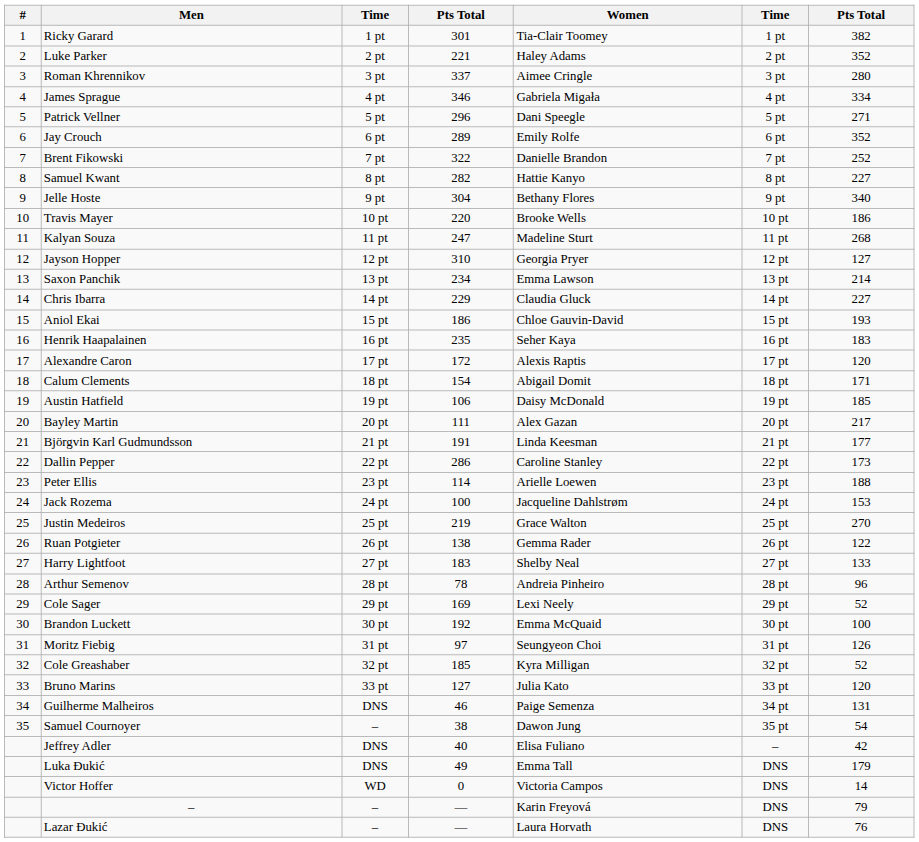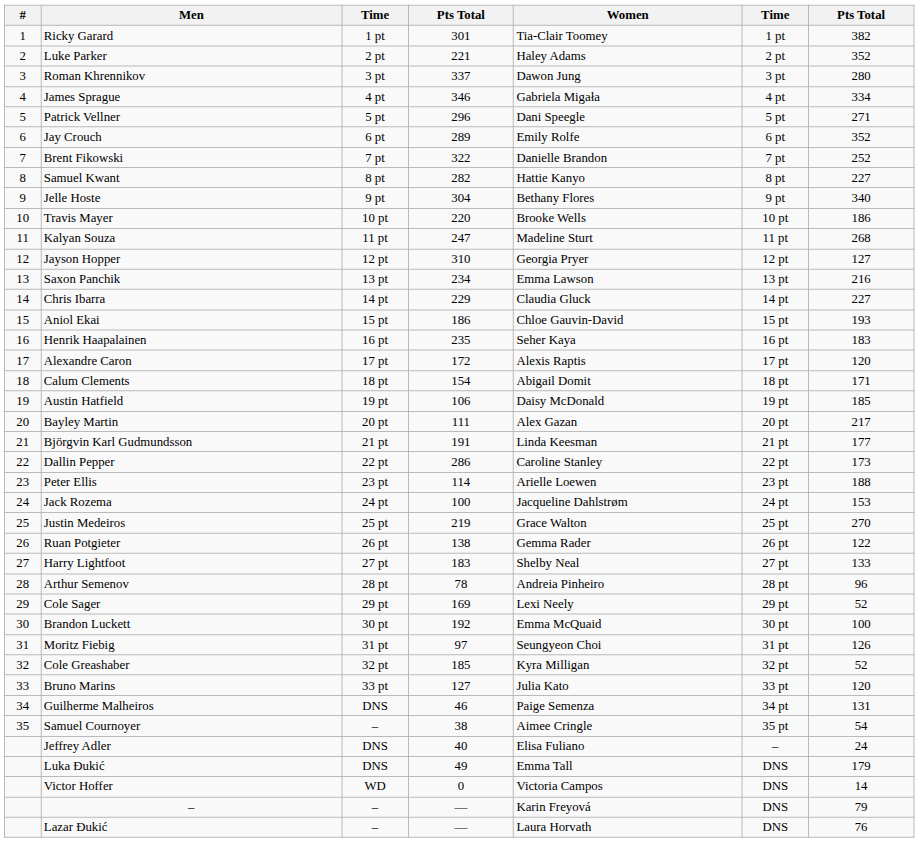 <table class="wikitable sortable" style="display: inline-table;width: 90%; text-align:center">
 <tr>
 <th>#</th>
 <th>Men</th>
 <th>Time</th>
 <th>Pts Total</th>
 <th>Women</th>
 <th>Time</th>
 <th>Pts Total</th>
 </tr>
 <tr>
 <td>1</td>
 <td align=left> Ricky Garard</td>
 <td>1 pt</td>
 <td>301</td>
 <td align=left> Tia-Clair Toomey</td>
 <td>1 pt</td>
 <td>382</td>
 </tr>
 <tr>
 <td>2</td>
 <td align=left> Luke Parker</td>
 <td>2 pt</td>
 <td>221</td>
 <td align=left> Haley Adams</td>
 <td>2 pt</td>
 <td>352</td>
 </tr>
 <tr>
 <td>3</td>
 <td align=left> Roman Khrennikov</td>
 <td>3 pt</td>
 <td>337</td>
-<td align=left> Aimee Cringle</td>
+<td align=left> Dawon Jung</td>
 <td>3 pt</td>
 <td>280</td>
 </tr>
 <tr>
 <td>4</td>
 <td align=left> James Sprague</td>
 <td>4 pt</td>
 <td>346</td>
 <td align=left> Gabriela Migała</td>
 <td>4 pt</td>
 <td>334</td>
 </tr>
 <tr>
 <td>5</td>
 <td align=left> Patrick Vellner</td>
 <td>5 pt</td>
 <td>296</td>
 <td align=left> Dani Speegle</td>
 <td>5 pt</td>
 <td>271</td>
 </tr>
 <tr>
 <td>6</td>
 <td align=left> Jay Crouch</td>
 <td>6 pt</td>
 <td>289</td>
 <td align=left> Emily Rolfe</td>
 <td>6 pt</td>
 <td>352</td>
 </tr>
 <tr>
 <td>7</td>
 <td align=left> Brent Fikowski</td>
 <td>7 pt</td>
 <td>322</td>
 <td align=left> Danielle Brandon</td>
 <td>7 pt</td>
 <td>252</td>
 </tr>
 <tr>
 <td>8</td>
 <td align=left> Samuel Kwant</td>
 <td>8 pt</td>
 <td>282</td>
 <td align=left> Hattie Kanyo</td>
 <td>8 pt</td>
 <td>227</td>
 </tr>
 <tr>
 <td>9</td>
 <td align=left> Jelle Hoste</td>
 <td>9 pt</td>
 <td>304</td>
 <td align=left> Bethany Flores</td>
 <td>9 pt</td>
 <td>340</td>
 </tr>
 <tr>
 <td>10</td>
 <td align=left> Travis Mayer</td>
 <td>10 pt</td>
 <td>220</td>
 <td align=left> Brooke Wells</td>
 <td>10 pt</td>
 <td>186</td>
 </tr>
 <tr>
 <td>11</td>
 <td align=left> Kalyan Souza</td>
 <td>11 pt</td>
 <td>247</td>
 <td align=left> Madeline Sturt</td>
 <td>11 pt</td>
 <td>268</td>
 </tr>
 <tr>
 <td>12</td>
 <td align=left> Jayson Hopper</td>
 <td>12 pt</td>
 <td>310</td>
 <td align=left> Georgia Pryer</td>
 <td>12 pt</td>
 <td>127</td>
 </tr>
 <tr>
 <td>13</td>
 <td align=left> Saxon Panchik</td>
 <td>13 pt</td>
 <td>234</td>
 <td align=left> Emma Lawson</td>
 <td>13 pt</td>
-<td>214</td>
+<td>216</td>
 </tr>
 <tr>
 <td>14</td>
 <td align=left> Chris Ibarra</td>
 <td>14 pt</td>
 <td>229</td>
 <td align=left> Claudia Gluck</td>
 <td>14 pt</td>
 <td>227</td>
 </tr>
 <tr>
 <td>15</td>
 <td align=left> Aniol Ekai</td>
 <td>15 pt</td>
 <td>186</td>
 <td align=left> Chloe Gauvin-David</td>
 <td>15 pt</td>
 <td>193</td>
 </tr>
 <tr>
 <td>16</td>
 <td align=left> Henrik Haapalainen</td>
 <td>16 pt</td>
 <td>235</td>
 <td align=left> Seher Kaya</td>
 <td>16 pt</td>
 <td>183</td>
 </tr>
 <tr>
 <td>17</td>
 <td align=left> Alexandre Caron</td>
 <td>17 pt</td>
 <td>172</td>
 <td align=left> Alexis Raptis</td>
 <td>17 pt</td>
 <td>120</td>
 </tr>
 <tr>
 <td>18</td>
 <td align=left> Calum Clements</td>
 <td>18 pt</td>
 <td>154</td>
 <td align=left> Abigail Domit</td>
 <td>18 pt</td>
 <td>171</td>
 </tr>
 <tr>
 <td>19</td>
 <td align=left> Austin Hatfield</td>
 <td>19 pt</td>
 <td>106</td>
 <td align=left> Daisy McDonald</td>
 <td>19 pt</td>
 <td>185</td>
 </tr>
 <tr>
 <td>20</td>
 <td align=left> Bayley Martin</td>
 <td>20 pt</td>
 <td>111</td>
 <td align=left> Alex Gazan</td>
 <td>20 pt</td>
 <td>217</td>
 </tr>
 <tr>
 <td>21</td>
 <td align=left> Björgvin Karl Gudmundsson</td>
 <td>21 pt</td>
 <td>191</td>
 <td align=left> Linda Keesman</td>
 <td>21 pt</td>
 <td>177</td>
 </tr>
 <tr>
 <td>22</td>
 <td align=left> Dallin Pepper</td>
 <td>22 pt</td>
 <td>286</td>
 <td align=left> Caroline Stanley</td>
 <td>22 pt</td>
 <td>173</td>
 </tr>
 <tr>
 <td>23</td>
 <td align=left> Peter Ellis</td>
 <td>23 pt</td>
 <td>114</td>
 <td align=left> Arielle Loewen</td>
 <td>23 pt</td>
 <td>188</td>
 </tr>
 <tr>
 <td>24</td>
 <td align=left> Jack Rozema</td>
 <td>24 pt</td>
 <td>100</td>
 <td align=left> Jacqueline Dahlstrøm</td>
 <td>24 pt</td>
 <td>153</td>
 </tr>
 <tr>
 <td>25</td>
 <td align=left> Justin Medeiros</td>
 <td>25 pt</td>
 <td>219</td>
 <td align=left> Grace Walton</td>
 <td>25 pt</td>
 <td>270</td>
 </tr>
 <tr>
 <td>26</td>
 <td align=left> Ruan Potgieter</td>
 <td>26 pt</td>
 <td>138</td>
 <td align=left> Gemma Rader</td>
 <td>26 pt</td>
 <td>122</td>
 </tr>
 <tr>
 <td>27</td>
 <td align=left> Harry Lightfoot</td>
 <td>27 pt</td>
 <td>183</td>
 <td align=left> Shelby Neal</td>
 <td>27 pt</td>
 <td>133</td>
 </tr>
 <tr>
 <td>28</td>
 <td align=left> Arthur Semenov</td>
 <td>28 pt</td>
 <td>78</td>
 <td align=left> Andreia Pinheiro</td>
 <td>28 pt</td>
 <td>96</td>
 </tr>
 <tr>
 <td>29</td>
 <td align=left> Cole Sager</td>
 <td>29 pt</td>
 <td>169</td>
 <td align=left> Lexi Neely</td>
 <td>29 pt</td>
 <td>52</td>
 </tr>
 <tr>
 <td>30</td>
 <td align=left> Brandon Luckett</td>
 <td>30 pt</td>
 <td>192</td>
 <td align=left> Emma McQuaid</td>
 <td>30 pt</td>
 <td>100</td>
 </tr>
 <tr>
 <td>31</td>
 <td align=left> Moritz Fiebig</td>
 <td>31 pt</td>
 <td>97</td>
 <td align=left> Seungyeon Choi</td>
 <td>31 pt</td>
 <td>126</td>
 </tr>
 <tr>
 <td>32</td>
 <td align=left> Cole Greashaber</td>
 <td>32 pt</td>
 <td>185</td>
 <td align=left> Kyra Milligan</td>
 <td>32 pt</td>
 <td>52</td>
 </tr>
 <tr>
 <td>33</td>
 <td align=left> Bruno Marins</td>
 <td>33 pt</td>
 <td>127</td>
 <td align=left> Julia Kato</td>
 <td>33 pt</td>
 <td>120</td>
 </tr>
 <tr>
 <td>34</td>
 <td align=left> Guilherme Malheiros</td>
 <td>DNS</td>
 <td>46</td>
 <td align=left> Paige Semenza</td>
 <td>34 pt</td>
 <td>131</td>
 </tr>
 <tr>
 <td>35</td>
 <td align=left> Samuel Cournoyer</td>
 <td>–</td>
 <td>38</td>
-<td align=left> Dawon Jung</td>
+<td align=left> Aimee Cringle</td>
 <td>35 pt</td>
 <td>54</td>
 </tr>
 <tr>
 <td></td>
 <td align=left> Jeffrey Adler</td>
 <td>DNS</td>
 <td>40</td>
 <td align=left> Elisa Fuliano</td>
 <td>–</td>
-<td>42</td>
+<td>24</td>
 </tr>
 <tr>
 <td></td>
 <td align=left> Luka Đukić</td>
 <td>DNS</td>
 <td>49</td>
 <td align=left> Emma Tall</td>
 <td>DNS</td>
 <td>179</td>
 </tr>
 <tr>
 <td></td>
 <td align=left> Victor Hoffer</td>
 <td>WD</td>
 <td>0</td>
 <td align=left> Victoria Campos</td>
 <td>DNS</td>
 <td>14</td>
 </tr>
 <tr>
 <td></td>
 <td>–</td>
 <td>–</td>
 <td>—</td>
 <td align=left> Karin Freyová</td>
 <td>DNS</td>
 <td>79</td>
 </tr>
 <tr>
 <td></td>
 <td align=left> Lazar Đukić</td>
 <td>–</td>
 <td>—</td>
 <td align=left> Laura Horvath</td>
 <td>DNS</td>
 <td>76</td>
 </tr>
 </table>
